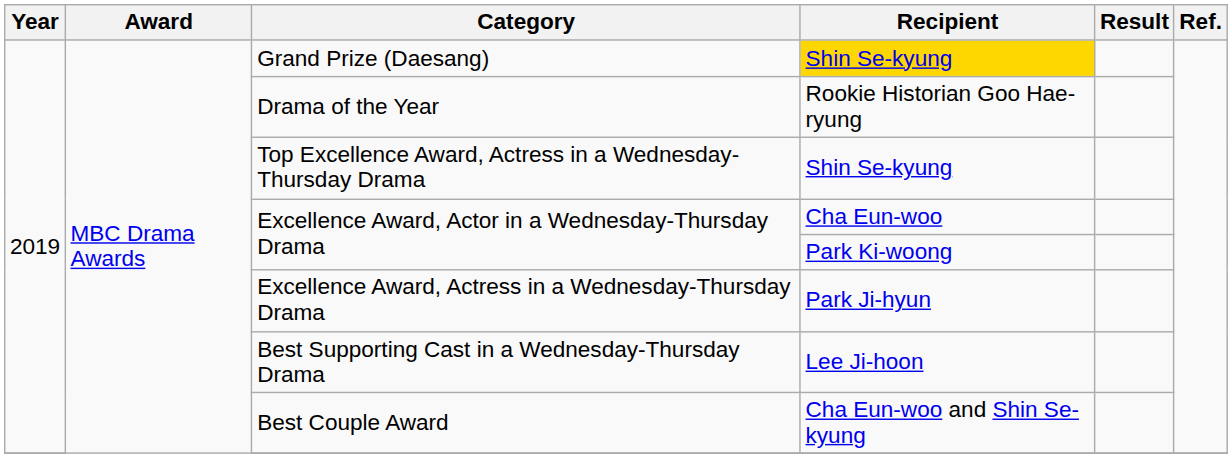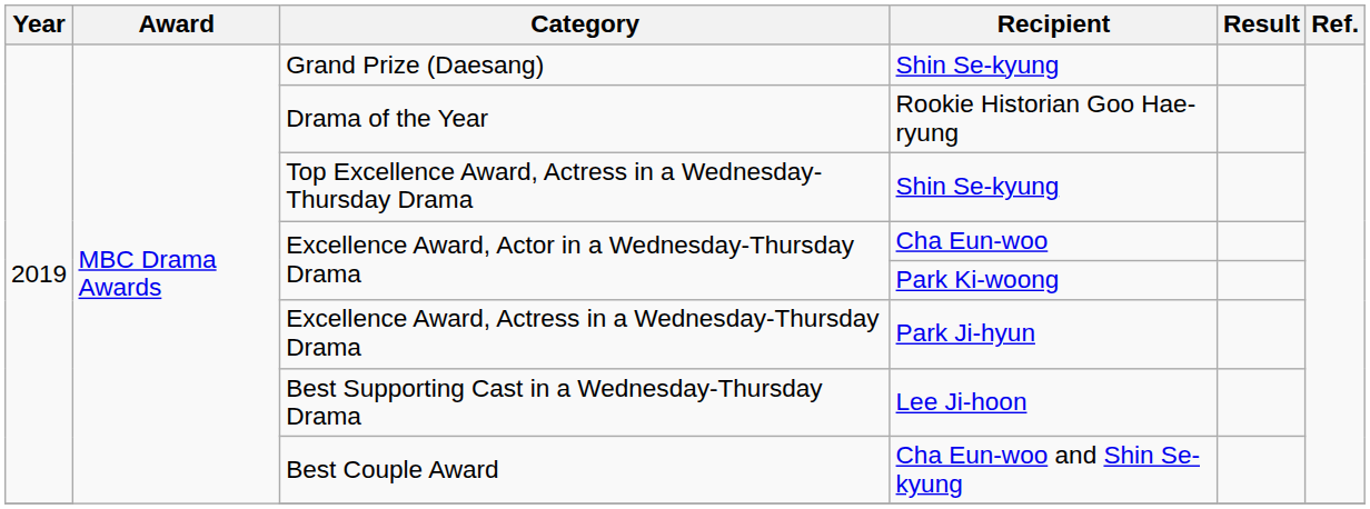 <table class="wikitable">
 <tr>
 <th>Year</th>
 <th>Award</th>
 <th>Category</th>
 <th>Recipient</th>
 <th>Result</th>
 <th>Ref.</th>
 </tr>
 <tr>
 <td rowspan="8">2019</td>
 <td rowspan="10"><a href='#'>MBC Drama Awards</a></td>
 <td>Grand Prize (Daesang)</td>
-<td style="background: gold;"><a href='#'>Shin Se-kyung</a></td>
+<td><a href='#'>Shin Se-kyung</a></td>
 <td></td>
 <td rowspan="8"></td>
 </tr>
 <tr>
 <td>Drama of the Year</td>
 <td>Rookie Historian Goo Hae-ryung</td>
 <td></td>
 </tr>
 <tr>
 <td>Top Excellence Award, Actress in a Wednesday-Thursday Drama</td>
 <td><a href='#'>Shin Se-kyung</a></td>
 <td></td>
 </tr>
 <tr>
 <td rowspan="2">Excellence Award, Actor in a Wednesday-Thursday Drama</td>
 <td><a href='#'>Cha Eun-woo</a></td>
 <td></td>
 </tr>
 <tr>
 <td><a href='#'>Park Ki-woong</a></td>
 <td></td>
 </tr>
 <tr>
 <td>Excellence Award, Actress in a Wednesday-Thursday Drama</td>
 <td><a href='#'>Park Ji-hyun</a></td>
 <td></td>
 </tr>
 <tr>
 <td>Best Supporting Cast in a Wednesday-Thursday Drama</td>
 <td><a href='#'>Lee Ji-hoon</a></td>
 <td></td>
 </tr>
 <tr>
 <td>Best Couple Award</td>
 <td><a href='#'>Cha Eun-woo</a> and <a href='#'>Shin Se-kyung</a></td>
 <td></td>
 </tr>
 <tr>
 </tr>
 </table>
